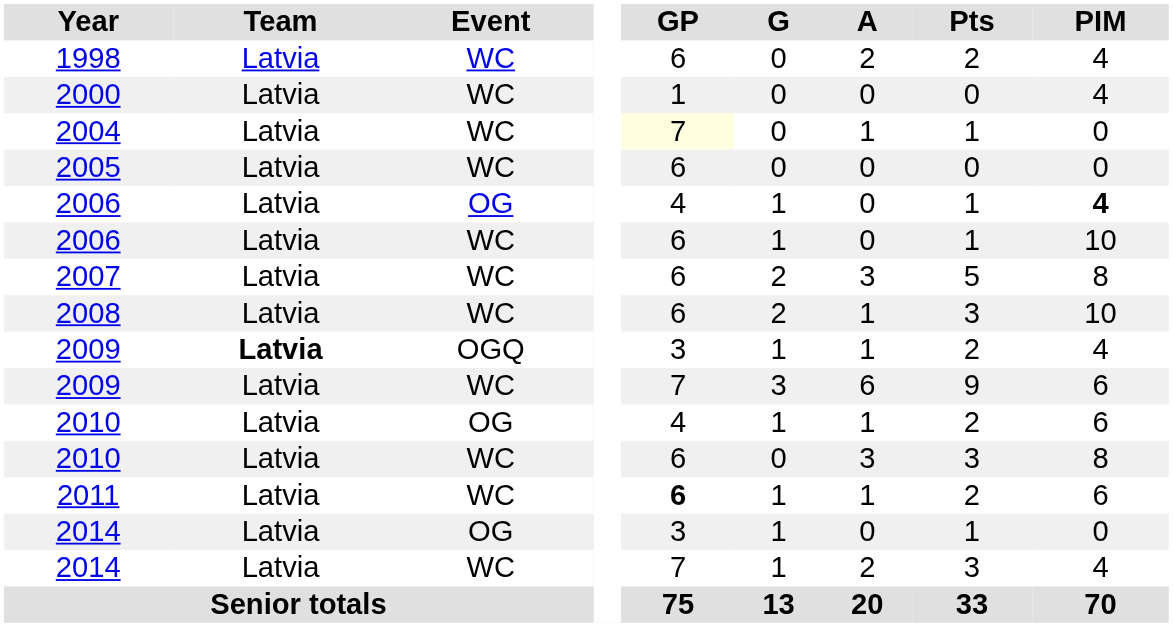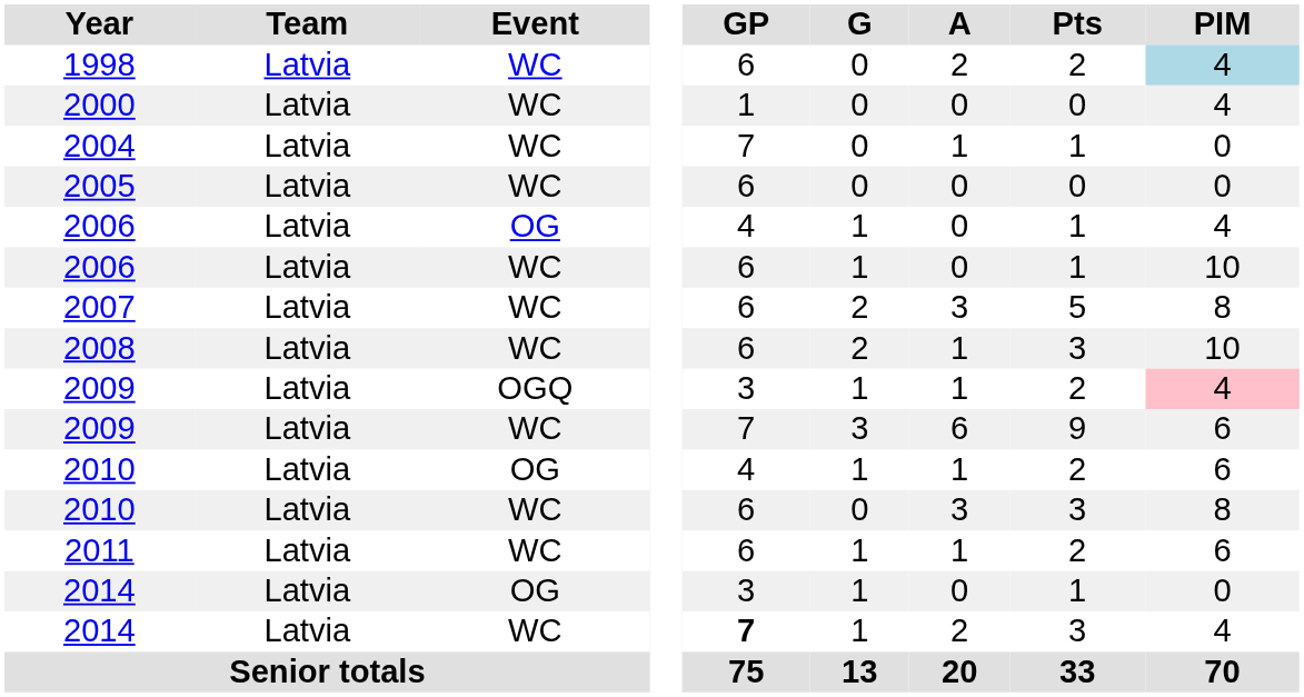 <table border="0" cellpadding="1" cellspacing="0" style="text-align:center; width:40em">
 <tr ALIGN="center" bgcolor="#e0e0e0">
 <th>Year</th>
 <th>Team</th>
 <th>Event</th>
 <th ALIGN="center" rowspan="99" bgcolor="#ffffff"> </th>
 <th>GP</th>
 <th>G</th>
 <th>A</th>
 <th>Pts</th>
 <th>PIM</th>
 </tr>
 <tr>
 <td><a href='#'>1998</a></td>
 <td><a href='#'>Latvia</a></td>
 <td><a href='#'>WC</a></td>
 <td>6</td>
 <td>0</td>
 <td>2</td>
 <td>2</td>
-<td>4</td>
+<td style="background: lightblue;">4</td>
 </tr>
 <tr bgcolor="#f0f0f0">
 <td><a href='#'>2000</a></td>
 <td>Latvia</td>
 <td>WC</td>
 <td>1</td>
 <td>0</td>
 <td>0</td>
 <td>0</td>
 <td>4</td>
 </tr>
 <tr>
 <td><a href='#'>2004</a></td>
 <td>Latvia</td>
 <td>WC</td>
-<td style="background: lightyellow;">7</td>
+<td>7</td>
 <td>0</td>
 <td>1</td>
 <td>1</td>
 <td>0</td>
 </tr>
 <tr bgcolor="#f0f0f0">
 <td><a href='#'>2005</a></td>
 <td>Latvia</td>
 <td>WC</td>
 <td>6</td>
 <td>0</td>
 <td>0</td>
 <td>0</td>
 <td>0</td>
 </tr>
 <tr>
 <td><a href='#'>2006</a></td>
 <td>Latvia</td>
 <td><a href='#'>OG</a></td>
 <td>4</td>
 <td>1</td>
 <td>0</td>
 <td>1</td>
-<td><strong>4</strong></td>
+<td>4</td>
 </tr>
 <tr bgcolor="#f0f0f0">
 <td><a href='#'>2006</a></td>
 <td>Latvia</td>
 <td>WC</td>
 <td>6</td>
 <td>1</td>
 <td>0</td>
 <td>1</td>
 <td>10</td>
 </tr>
 <tr>
 <td><a href='#'>2007</a></td>
 <td>Latvia</td>
 <td>WC</td>
 <td>6</td>
 <td>2</td>
 <td>3</td>
 <td>5</td>
 <td>8</td>
 </tr>
 <tr bgcolor="#f0f0f0">
 <td><a href='#'>2008</a></td>
 <td>Latvia</td>
 <td>WC</td>
 <td>6</td>
 <td>2</td>
 <td>1</td>
 <td>3</td>
 <td>10</td>
 </tr>
 <tr>
 <td><a href='#'>2009</a></td>
-<td><strong>Latvia</strong></td>
+<td>Latvia</td>
 <td>OGQ</td>
 <td>3</td>
 <td>1</td>
 <td>1</td>
 <td>2</td>
-<td>4</td>
+<td style="background: pink;">4</td>
 </tr>
 <tr bgcolor="#f0f0f0">
 <td><a href='#'>2009</a></td>
 <td>Latvia</td>
 <td>WC</td>
 <td>7</td>
 <td>3</td>
 <td>6</td>
 <td>9</td>
 <td>6</td>
 </tr>
 <tr>
 <td><a href='#'>2010</a></td>
 <td>Latvia</td>
 <td>OG</td>
 <td>4</td>
 <td>1</td>
 <td>1</td>
 <td>2</td>
 <td>6</td>
 </tr>
 <tr bgcolor="#f0f0f0">
 <td><a href='#'>2010</a></td>
 <td>Latvia</td>
 <td>WC</td>
 <td>6</td>
 <td>0</td>
 <td>3</td>
 <td>3</td>
 <td>8</td>
 </tr>
 <tr>
 <td><a href='#'>2011</a></td>
 <td>Latvia</td>
 <td>WC</td>
-<td><strong>6</strong></td>
+<td>6</td>
 <td>1</td>
 <td>1</td>
 <td>2</td>
 <td>6</td>
 </tr>
 <tr bgcolor="#f0f0f0">
 <td><a href='#'>2014</a></td>
 <td>Latvia</td>
 <td>OG</td>
 <td>3</td>
 <td>1</td>
 <td>0</td>
 <td>1</td>
 <td>0</td>
 </tr>
 <tr>
 <td><a href='#'>2014</a></td>
 <td>Latvia</td>
 <td>WC</td>
-<td>7</td>
+<td><strong>7</strong></td>
 <td>1</td>
 <td>2</td>
 <td>3</td>
 <td>4</td>
 </tr>
 <tr bgcolor="#e0e0e0">
 <th colspan=3>Senior totals</th>
 <th>75</th>
 <th>13</th>
 <th>20</th>
 <th>33</th>
 <th>70</th>
 </tr>
 </table>
